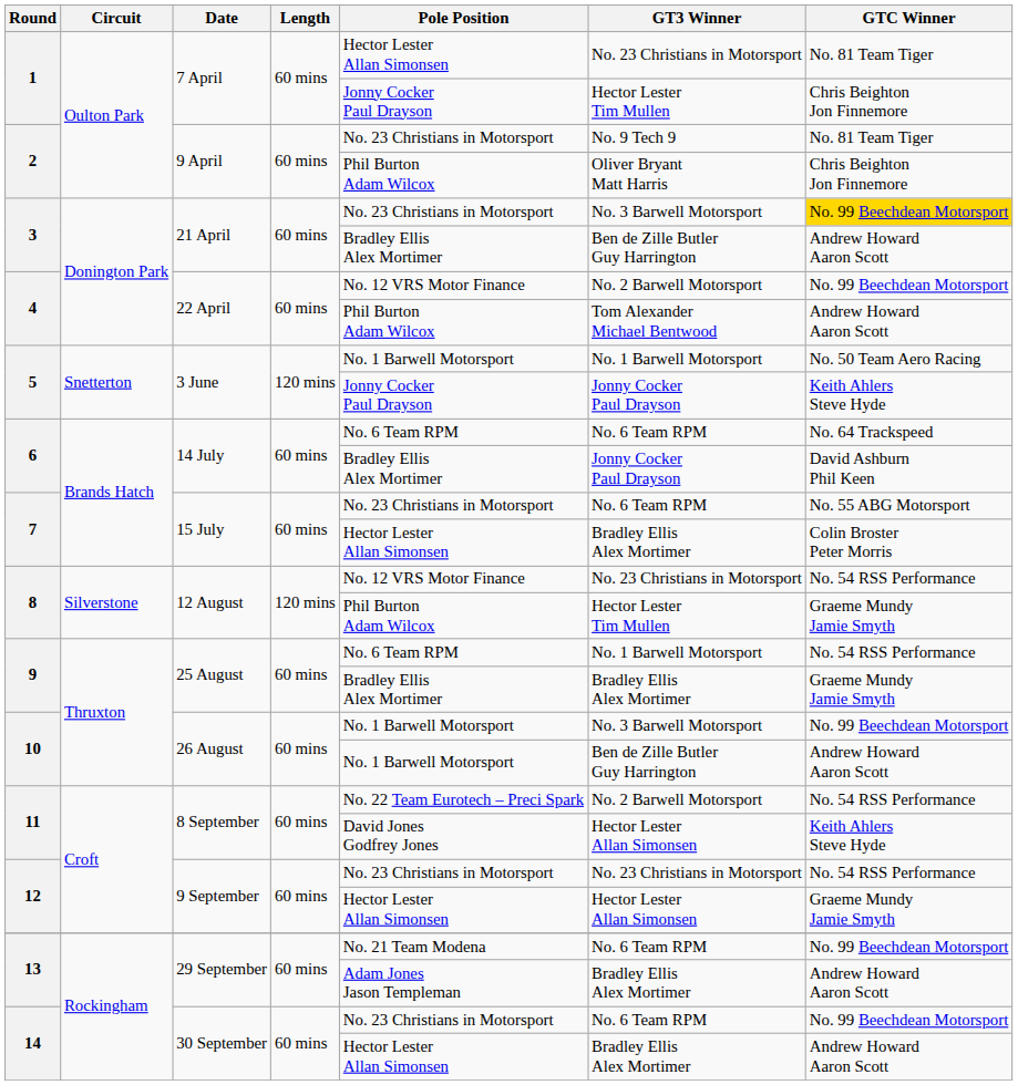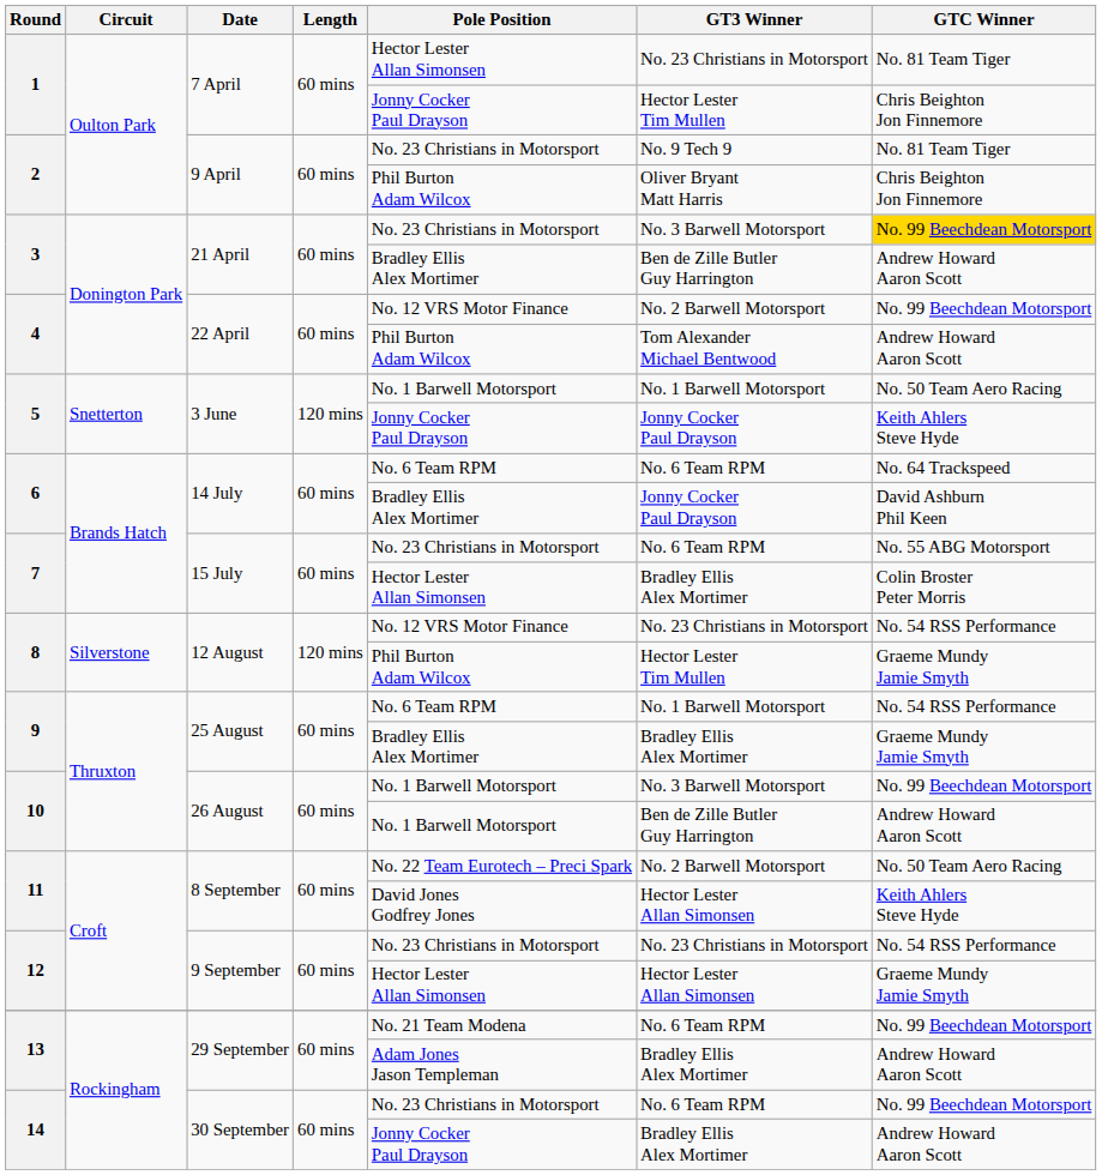 <table class="wikitable" style="font-size: 85%">
 <tr>
 <th>Round</th>
 <th>Circuit</th>
 <th>Date</th>
 <th>Length</th>
 <th>Pole Position</th>
 <th>GT3 Winner</th>
 <th>GTC Winner</th>
 </tr>
 <tr>
 <th rowspan=2>1</th>
 <td rowspan=4> <a href='#'>Oulton Park</a></td>
 <td rowspan=2>7 April</td>
 <td rowspan=2>60 mins</td>
 <td> Hector Lester<br> <a href='#'>Allan Simonsen</a></td>
 <td>No. 23 Christians in Motorsport</td>
 <td>No. 81 Team Tiger</td>
 </tr>
 <tr>
 <td> <a href='#'>Jonny Cocker</a><br> <a href='#'>Paul Drayson</a></td>
 <td> Hector Lester<br> <a href='#'>Tim Mullen</a></td>
 <td> Chris Beighton<br> Jon Finnemore</td>
 </tr>
 <tr>
 <th rowspan=2>2</th>
 <td rowspan=2>9 April</td>
 <td rowspan=2>60 mins</td>
 <td>No. 23 Christians in Motorsport</td>
 <td>No. 9 Tech 9</td>
 <td>No. 81 Team Tiger</td>
 </tr>
 <tr>
 <td> Phil Burton<br> <a href='#'>Adam Wilcox</a></td>
 <td> Oliver Bryant<br> Matt Harris</td>
 <td> Chris Beighton<br> Jon Finnemore</td>
 </tr>
 <tr>
 <th rowspan=2>3</th>
 <td rowspan=4> <a href='#'>Donington Park</a></td>
 <td rowspan=2>21 April</td>
 <td rowspan=2>60 mins</td>
 <td>No. 23 Christians in Motorsport</td>
 <td>No. 3 Barwell Motorsport</td>
 <td style="background: gold;">No. 99 <a href='#'>Beechdean Motorsport</a></td>
 </tr>
 <tr>
 <td> Bradley Ellis<br> Alex Mortimer</td>
 <td> Ben de Zille Butler<br> Guy Harrington</td>
 <td> Andrew Howard<br> Aaron Scott</td>
 </tr>
 <tr>
 <th rowspan=2>4</th>
 <td rowspan=2>22 April</td>
 <td rowspan=2>60 mins</td>
 <td>No. 12 VRS Motor Finance</td>
 <td>No. 2 Barwell Motorsport</td>
 <td>No. 99 <a href='#'>Beechdean Motorsport</a></td>
 </tr>
 <tr>
 <td> Phil Burton<br> <a href='#'>Adam Wilcox</a></td>
 <td> Tom Alexander<br> <a href='#'>Michael Bentwood</a></td>
 <td> Andrew Howard<br> Aaron Scott</td>
 </tr>
 <tr>
 <th rowspan=2>5</th>
 <td rowspan=2> <a href='#'>Snetterton</a></td>
 <td rowspan=2>3 June</td>
 <td rowspan=2>120 mins</td>
 <td>No. 1 Barwell Motorsport</td>
 <td>No. 1 Barwell Motorsport</td>
 <td>No. 50 Team Aero Racing</td>
 </tr>
 <tr>
 <td> <a href='#'>Jonny Cocker</a><br> <a href='#'>Paul Drayson</a></td>
 <td> <a href='#'>Jonny Cocker</a><br> <a href='#'>Paul Drayson</a></td>
 <td> <a href='#'>Keith Ahlers</a><br> Steve Hyde</td>
 </tr>
 <tr>
 <th rowspan=2>6</th>
 <td rowspan=4> <a href='#'>Brands Hatch</a></td>
 <td rowspan=2>14 July</td>
 <td rowspan=2>60 mins</td>
 <td>No. 6 Team RPM</td>
 <td>No. 6 Team RPM</td>
 <td>No. 64 Trackspeed</td>
 </tr>
 <tr>
 <td> Bradley Ellis<br> Alex Mortimer</td>
 <td> <a href='#'>Jonny Cocker</a><br> <a href='#'>Paul Drayson</a></td>
 <td> David Ashburn<br> Phil Keen</td>
 </tr>
 <tr>
 <th rowspan=2>7</th>
 <td rowspan=2>15 July</td>
 <td rowspan=2>60 mins</td>
 <td>No. 23 Christians in Motorsport</td>
 <td>No. 6 Team RPM</td>
 <td>No. 55 ABG Motorsport</td>
 </tr>
 <tr>
 <td> Hector Lester<br> <a href='#'>Allan Simonsen</a></td>
 <td> Bradley Ellis<br> Alex Mortimer</td>
 <td> Colin Broster<br> Peter Morris</td>
 </tr>
 <tr>
 <th rowspan=2>8</th>
 <td rowspan=2> <a href='#'>Silverstone</a></td>
 <td rowspan=2>12 August</td>
 <td rowspan=2>120 mins</td>
 <td>No. 12 VRS Motor Finance</td>
 <td>No. 23 Christians in Motorsport</td>
 <td>No. 54 RSS Performance</td>
 </tr>
 <tr>
 <td> Phil Burton<br> <a href='#'>Adam Wilcox</a></td>
 <td> Hector Lester<br> <a href='#'>Tim Mullen</a></td>
 <td> Graeme Mundy<br> <a href='#'>Jamie Smyth</a></td>
 </tr>
 <tr>
 <th rowspan=2>9</th>
 <td rowspan=4> <a href='#'>Thruxton</a></td>
 <td rowspan=2>25 August</td>
 <td rowspan=2>60 mins</td>
 <td>No. 6 Team RPM</td>
 <td>No. 1 Barwell Motorsport</td>
 <td>No. 54 RSS Performance</td>
 </tr>
 <tr>
 <td> Bradley Ellis<br> Alex Mortimer</td>
 <td> Bradley Ellis<br> Alex Mortimer</td>
 <td> Graeme Mundy<br> <a href='#'>Jamie Smyth</a></td>
 </tr>
 <tr>
 <th rowspan=2>10</th>
 <td rowspan=2>26 August</td>
 <td rowspan=2>60 mins</td>
 <td>No. 1 Barwell Motorsport</td>
 <td>No. 3 Barwell Motorsport</td>
 <td>No. 99 <a href='#'>Beechdean Motorsport</a></td>
 </tr>
 <tr>
 <td>No. 1 Barwell Motorsport</td>
 <td> Ben de Zille Butler<br> Guy Harrington</td>
 <td> Andrew Howard<br> Aaron Scott</td>
 </tr>
 <tr>
 <th rowspan=2>11</th>
 <td rowspan=4> <a href='#'>Croft</a></td>
 <td rowspan=2>8 September</td>
 <td rowspan=2>60 mins</td>
 <td>No. 22 <a href='#'>Team Eurotech – Preci Spark</a></td>
 <td>No. 2 Barwell Motorsport</td>
-<td>No. 54 RSS Performance</td>
+<td>No. 50 Team Aero Racing</td>
 </tr>
 <tr>
 <td> David Jones<br> Godfrey Jones</td>
 <td> Hector Lester<br> <a href='#'>Allan Simonsen</a></td>
 <td> <a href='#'>Keith Ahlers</a><br> Steve Hyde</td>
 </tr>
 <tr>
 <th rowspan=2>12</th>
 <td rowspan=2>9 September</td>
 <td rowspan=2>60 mins</td>
 <td>No. 23 Christians in Motorsport</td>
 <td>No. 23 Christians in Motorsport</td>
 <td>No. 54 RSS Performance</td>
 </tr>
 <tr>
 <td> Hector Lester<br> <a href='#'>Allan Simonsen</a></td>
 <td> Hector Lester<br> <a href='#'>Allan Simonsen</a></td>
 <td> Graeme Mundy<br> <a href='#'>Jamie Smyth</a></td>
 </tr>
 <tr>
 </tr>
 <tr>
 <th rowspan=2>13</th>
 <td rowspan=4> <a href='#'>Rockingham</a></td>
 <td rowspan=2>29 September</td>
 <td rowspan=2>60 mins</td>
 <td>No. 21 Team Modena</td>
 <td>No. 6 Team RPM</td>
 <td>No. 99 <a href='#'>Beechdean Motorsport</a></td>
 </tr>
 <tr>
 <td> <a href='#'>Adam Jones</a><br> Jason Templeman</td>
 <td> Bradley Ellis<br> Alex Mortimer</td>
 <td> Andrew Howard<br> Aaron Scott</td>
 </tr>
 <tr>
 <th rowspan=2>14</th>
 <td rowspan=2>30 September</td>
 <td rowspan=2>60 mins</td>
 <td>No. 23 Christians in Motorsport</td>
 <td>No. 6 Team RPM</td>
 <td>No. 99 <a href='#'>Beechdean Motorsport</a></td>
 </tr>
 <tr>
-<td> Hector Lester<br> <a href='#'>Allan Simonsen</a></td>
+<td> <a href='#'>Jonny Cocker</a><br> <a href='#'>Paul Drayson</a></td>
 <td> Bradley Ellis<br> Alex Mortimer</td>
 <td> Andrew Howard<br> Aaron Scott</td>
 </tr>
 </table>
